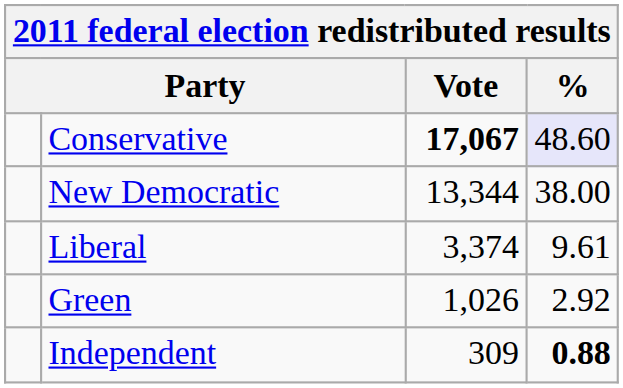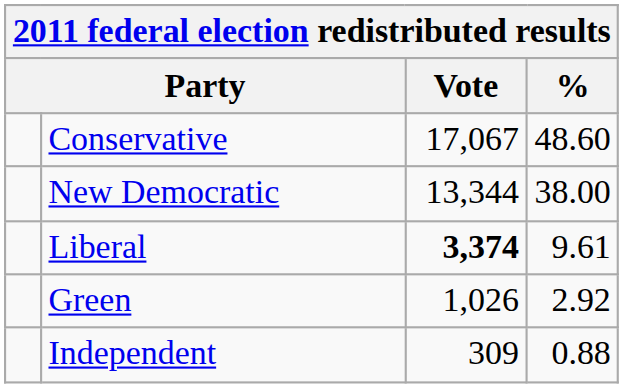 <table class="wikitable">
 <tr>
 <th colspan="4"><a href='#'>2011 federal election</a> redistributed results</th>
 </tr>
 <tr>
 <th bgcolor="#DDDDFF" width="130px" colspan="2">Party</th>
 <th bgcolor="#DDDDFF" width="50px">Vote</th>
 <th bgcolor="#DDDDFF" width="30px">%</th>
 </tr>
 <tr>
 <td> </td>
 <td><a href='#'>Conservative</a></td>
-<td align=right><strong>17,067</strong></td>
-<td align=right style="background: lavender;">48.60</td>
+<td align=right>17,067</td>
+<td align=right>48.60</td>
 </tr>
 <tr>
 <td> </td>
 <td><a href='#'>New Democratic</a></td>
 <td align=right>13,344</td>
 <td align=right>38.00</td>
 </tr>
 <tr>
 <td> </td>
 <td><a href='#'>Liberal</a></td>
-<td align=right>3,374</td>
+<td align=right><strong>3,374</strong></td>
 <td align=right>9.61</td>
 </tr>
 <tr>
 <td> </td>
 <td><a href='#'>Green</a></td>
 <td align=right>1,026</td>
 <td align=right>2.92</td>
 </tr>
 <tr>
 <td> </td>
 <td><a href='#'>Independent</a></td>
 <td align=right>309</td>
-<td align=right><strong>0.88</strong></td>
+<td align=right>0.88</td>
 </tr>
 </table>
